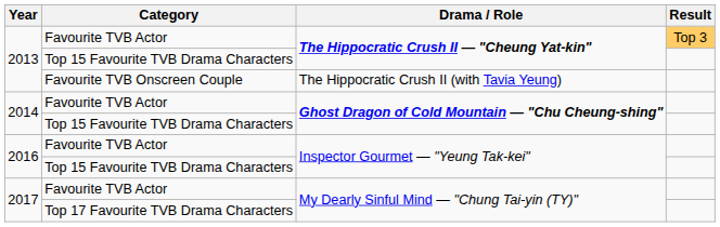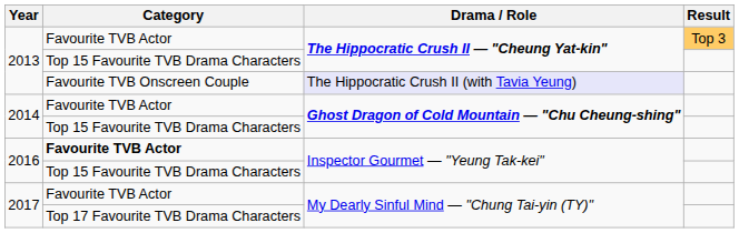 <table class="wikitable sortable">
 <tr>
 <th>Year</th>
 <th>Category</th>
 <th>Drama / Role</th>
 <th>Result</th>
 </tr>
 <tr>
 <td rowspan="3">2013</td>
 <td>Favourite TVB Actor</td>
 <td rowspan="2"><strong><em><a href='#'>The Hippocratic Crush II</a><em> — "Cheung Yat-kin"<strong></td>
 <td style="background-color:#ffcc66; text-align:center;">Top 3</td>
 </tr>
 <tr>
 <td></strong> Top 15 Favourite TVB Drama Characters <strong></td>
 <td></td>
 </tr>
 <tr>
 <td></strong> Favourite TVB Onscreen Couple <strong></td>
-<td></em></strong>The Hippocratic Crush II</em> (with <a href='#'>Tavia Yeung</a>) </strong></td>
+<td style="background: lavender;"></em></strong>The Hippocratic Crush II</em> (with <a href='#'>Tavia Yeung</a>) </strong></td>
 <td></td>
 </tr>
 <tr>
 <td rowspan="2">2014</td>
 <td>Favourite TVB Actor</td>
 <td rowspan="2"><strong><em><a href='#'>Ghost Dragon of Cold Mountain</a><em> — "Chu Cheung-shing"<strong></td>
 <td></td>
 </tr>
 <tr>
 <td></strong> Top 15 Favourite TVB Drama Characters <strong></td>
 <td></td>
 </tr>
 <tr>
 <td rowspan="2">2016</td>
-<td>Favourite TVB Actor</td>
+<td><strong>Favourite TVB Actor</strong></td>
 <td rowspan="2"></em><a href='#'>Inspector Gourmet</a><em> — "Yeung Tak-kei"</td>
 <td></td>
 </tr>
 <tr>
 <td>Top 15 Favourite TVB Drama Characters</td>
 <td></td>
 </tr>
 <tr>
 <td rowspan="2">2017</td>
 <td>Favourite TVB Actor</td>
 <td rowspan="2"></em><a href='#'>My Dearly Sinful Mind</a><em> — "Chung Tai-yin (TY)"</td>
 <td></td>
 </tr>
 <tr>
 <td>Top 17 Favourite TVB Drama Characters</td>
 <td></td>
 </tr>
 </table>
